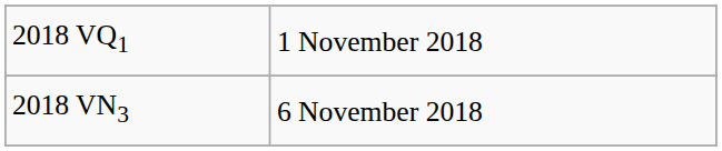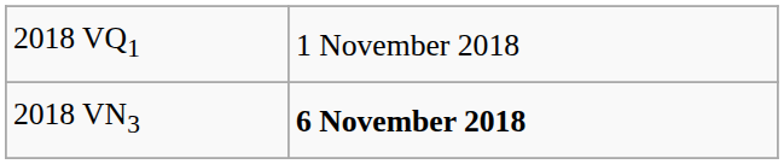 <table class="wikitable" style="font-size: 89%; float: left; width: 25em; margin-right: 1em; line-height: 1.65em !important; height: 50px;">
 <tr>
 <td>2018 VQ<sub>1</sub></td>
 <td>1 November 2018</td>
 </tr>
 <tr>
 <td>2018 VN<sub>3</sub></td>
-<td>6 November 2018</td>
+<td><strong>6 November 2018</strong></td>
 </tr>
 </table>
